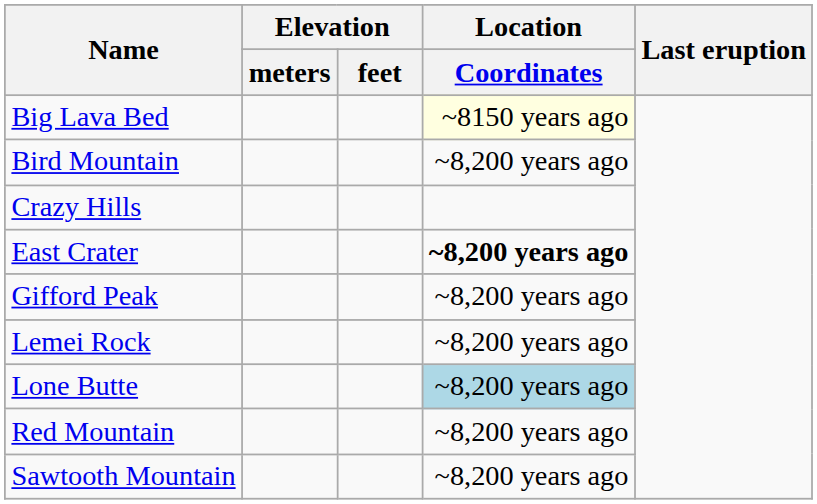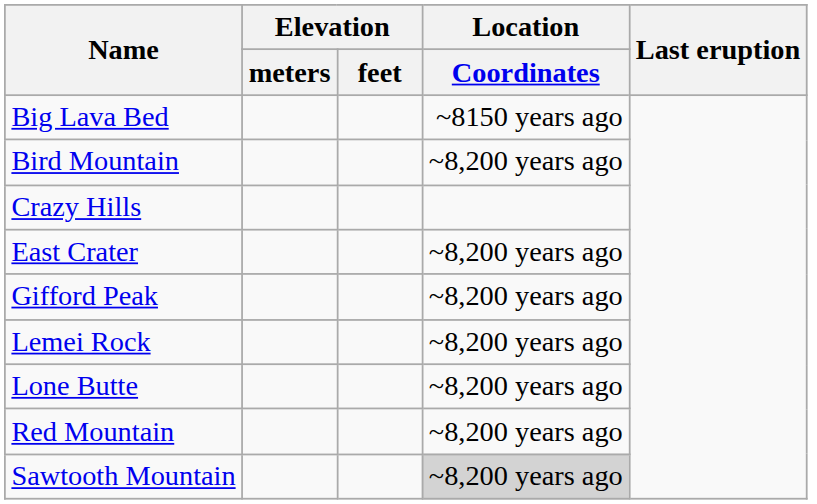 <table class="wikitable">
 <tr>
 <th rowspan="2">Name</th>
 <th colspan ="2">Elevation</th>
 <th>Location</th>
 <th rowspan="2">Last eruption</th>
 </tr>
 <tr>
 <th>meters</th>
 <th>  feet  </th>
 <th><a href='#'>Coordinates</a></th>
 </tr>
 <tr class="vcard" style="text-align:right;">
 <td align="left"><a href='#'>Big Lava Bed</a></td>
 <td></td>
 <td></td>
-<td style="background: lightyellow;">~8150 years ago</td>
+<td>~8150 years ago</td>
 </tr>
 <tr class="vcard" style="text-align:right;">
 <td align="left"><a href='#'>Bird Mountain</a></td>
 <td></td>
 <td></td>
 <td>~8,200 years ago</td>
 </tr>
 <tr class="vcard" style="text-align:right;">
 <td align="left"><a href='#'>Crazy Hills</a></td>
 <td> </td>
 <td> </td>
 <td> </td>
 </tr>
 <tr class="vcard" style="text-align:right;">
 <td align="left"><a href='#'>East Crater</a></td>
 <td></td>
 <td></td>
-<td><strong>~8,200 years ago</strong></td>
+<td>~8,200 years ago</td>
 </tr>
 <tr class="vcard" style="text-align:right;">
 <td align="left"><a href='#'>Gifford Peak</a></td>
 <td></td>
 <td> </td>
 <td>~8,200 years ago</td>
 </tr>
 <tr class="vcard" style="text-align:right;">
 <td align="left"><a href='#'>Lemei Rock</a></td>
 <td></td>
 <td></td>
 <td>~8,200 years ago</td>
 </tr>
 <tr class="vcard" style="text-align:right;">
 <td align="left"><a href='#'>Lone Butte</a></td>
 <td></td>
 <td></td>
-<td style="background: lightblue;">~8,200 years ago</td>
+<td>~8,200 years ago</td>
 </tr>
 <tr class="vcard" style="text-align:right;">
 <td align="left"><a href='#'>Red Mountain</a></td>
 <td></td>
 <td></td>
 <td>~8,200 years ago</td>
 </tr>
 <tr class="vcard" style="text-align:right;">
 <td align="left"><a href='#'>Sawtooth Mountain</a></td>
 <td></td>
 <td></td>
-<td>~8,200 years ago</td>
+<td style="background: lightgrey;">~8,200 years ago</td>
 </tr>
 </table>
